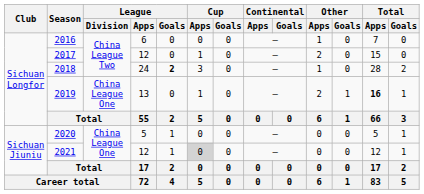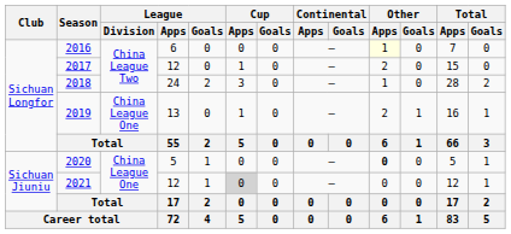 <table class="wikitable" style="text-align: center">
 <tr>
 <th rowspan="2">Club</th>
 <th rowspan="2">Season</th>
 <th colspan="3">League</th>
 <th colspan="2">Cup</th>
 <th colspan="2">Continental</th>
 <th colspan="2">Other</th>
 <th colspan="2">Total</th>
 </tr>
 <tr>
 <th>Division</th>
 <th>Apps</th>
 <th>Goals</th>
 <th>Apps</th>
 <th>Goals</th>
 <th>Apps</th>
 <th>Goals</th>
 <th>Apps</th>
 <th>Goals</th>
 <th>Apps</th>
 <th>Goals</th>
 </tr>
 <tr>
 <td rowspan="5"><a href='#'>Sichuan Longfor</a></td>
 <td><a href='#'>2016</a></td>
 <td rowspan="3"><a href='#'>China League Two</a></td>
 <td>6</td>
 <td>0</td>
 <td>0</td>
 <td>0</td>
 <td colspan="2">–</td>
-<td>1</td>
+<td style="background: lightyellow;">1</td>
 <td>0</td>
 <td>7</td>
 <td>0</td>
 </tr>
 <tr>
 <td><a href='#'>2017</a></td>
 <td>12</td>
 <td>0</td>
 <td>1</td>
 <td>0</td>
 <td colspan="2">–</td>
 <td>2</td>
 <td>0</td>
 <td>15</td>
 <td>0</td>
 </tr>
 <tr>
 <td><a href='#'>2018</a></td>
 <td>24</td>
-<td><strong>2</strong></td>
+<td>2</td>
 <td>3</td>
 <td>0</td>
 <td colspan="2">–</td>
 <td>1</td>
 <td>0</td>
 <td>28</td>
 <td>2</td>
 </tr>
 <tr>
 <td><a href='#'>2019</a></td>
 <td><a href='#'>China League One</a></td>
 <td>13</td>
 <td>0</td>
 <td>1</td>
 <td>0</td>
 <td colspan="2">–</td>
 <td>2</td>
 <td>1</td>
-<td><strong>16</strong></td>
+<td>16</td>
 <td>1</td>
 </tr>
 <tr>
 <th colspan=2>Total</th>
 <th>55</th>
 <th>2</th>
 <th>5</th>
 <th>0</th>
 <th>0</th>
 <th>0</th>
 <th>6</th>
 <th>1</th>
 <th>66</th>
 <th>3</th>
 </tr>
 <tr>
 <td rowspan="3"><a href='#'>Sichuan Jiuniu</a></td>
 <td><a href='#'>2020</a></td>
 <td rowspan="2"><a href='#'>China League One</a></td>
 <td>5</td>
 <td>1</td>
 <td>0</td>
 <td>0</td>
 <td colspan="2">–</td>
-<td>0</td>
+<td><strong>0</strong></td>
 <td>0</td>
 <td>5</td>
 <td>1</td>
 </tr>
 <tr>
 <td><a href='#'>2021</a></td>
 <td>12</td>
 <td>1</td>
 <td style="background: lightgrey;">0</td>
 <td>0</td>
 <td colspan="2">–</td>
 <td>0</td>
 <td>0</td>
 <td>12</td>
 <td>1</td>
 </tr>
 <tr>
 <th colspan=2>Total</th>
 <th>17</th>
 <th>2</th>
 <th>0</th>
 <th>0</th>
 <th>0</th>
 <th>0</th>
 <th>0</th>
 <th>0</th>
 <th>17</th>
 <th>2</th>
 </tr>
 <tr>
 <th colspan=3>Career total</th>
 <th>72</th>
 <th>4</th>
 <th>5</th>
 <th>0</th>
 <th>0</th>
 <th>0</th>
 <th>6</th>
 <th>1</th>
 <th>83</th>
 <th>5</th>
 </tr>
 </table>
